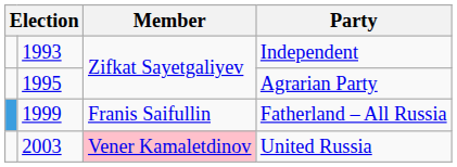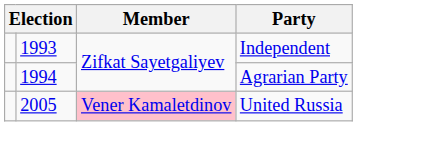 <table class="wikitable">
 <tr>
 <th colspan="2">Election</th>
 <th>Member</th>
 <th>Party</th>
 </tr>
 <tr>
 <td style="background-color:"></td>
 <td><a href='#'>1993</a></td>
 <td rowspan=2><a href='#'>Zifkat Sayetgaliyev</a></td>
 <td><a href='#'>Independent</a></td>
 </tr>
 <tr>
 <td style="background-color:"></td>
-<td><a href='#'>1995</a></td>
+<td><a href='#'>1994</a></td>
 <td><a href='#'>Agrarian Party</a></td>
 </tr>
 <tr>
-<td style="background-color:#3B9EDF"></td>
-<td><a href='#'>1999</a></td>
-<td><a href='#'>Franis Saifullin</a></td>
-<td><a href='#'>Fatherland – All Russia</a></td>
-</tr>
-<tr>
 <td style="background-color:"></td>
-<td><a href='#'>2003</a></td>
+<td><a href='#'>2005</a></td>
 <td style="background: pink;"><a href='#'>Vener Kamaletdinov</a></td>
 <td><a href='#'>United Russia</a></td>
 </tr>
 </table>
